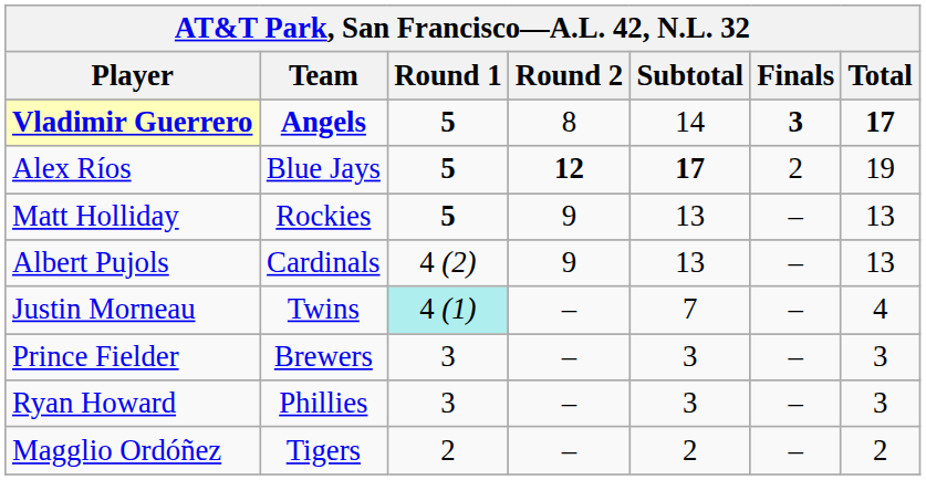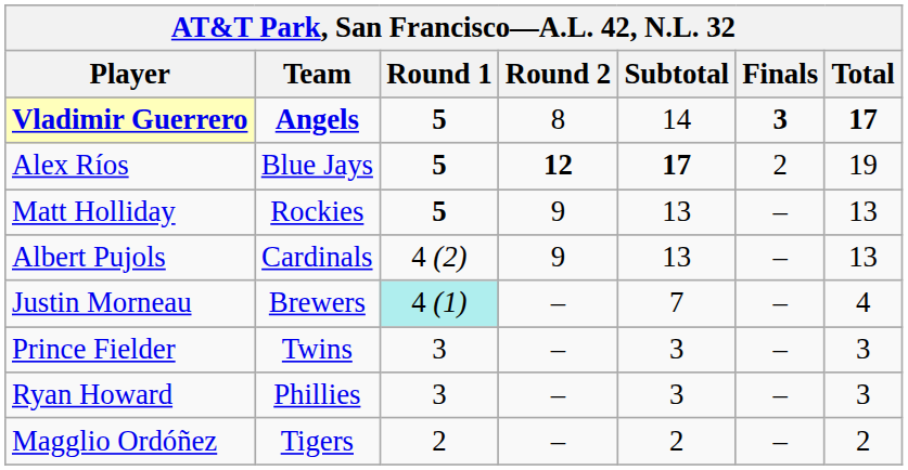 <table class="wikitable" style="text-align:center;">
 <tr>
 <th colspan="7"><a href='#'>AT&T Park</a>, San Francisco—A.L. 42, N.L. 32</th>
 </tr>
 <tr>
 <th>Player</th>
 <th>Team</th>
 <th>Round 1</th>
 <th>Round 2</th>
 <th>Subtotal</th>
 <th>Finals</th>
 <th>Total</th>
 </tr>
 <tr>
 <td align="left" style="background:#ffb"><strong><a href='#'>Vladimir Guerrero</a></strong></td>
 <td><strong><a href='#'>Angels</a></strong></td>
 <td><strong>5</strong></td>
 <td>8</td>
 <td>14</td>
 <td><strong>3</strong></td>
 <td><strong>17</strong></td>
 </tr>
 <tr>
 <td align="left"><a href='#'>Alex Ríos</a></td>
 <td><a href='#'>Blue Jays</a></td>
 <td><strong>5</strong></td>
 <td><strong>12</strong></td>
 <td><strong>17</strong></td>
 <td>2</td>
 <td>19</td>
 </tr>
 <tr>
 <td align="left"><a href='#'>Matt Holliday</a></td>
 <td><a href='#'>Rockies</a></td>
 <td><strong>5</strong></td>
 <td>9</td>
 <td>13</td>
 <td>–</td>
 <td>13</td>
 </tr>
 <tr>
 <td align="left"><a href='#'>Albert Pujols</a></td>
 <td><a href='#'>Cardinals</a></td>
 <td>4 <em>(2)</em></td>
 <td>9</td>
 <td>13</td>
 <td>–</td>
 <td>13</td>
 </tr>
 <tr>
 <td align="left"><a href='#'>Justin Morneau</a></td>
-<td><a href='#'>Twins</a></td>
+<td><a href='#'>Brewers</a></td>
 <td style="background: paleturquoise;">4 <em>(1)</em></td>
 <td>–</td>
 <td>7</td>
 <td>–</td>
 <td>4</td>
 </tr>
 <tr>
 <td align="left"><a href='#'>Prince Fielder</a></td>
-<td><a href='#'>Brewers</a></td>
+<td><a href='#'>Twins</a></td>
 <td>3</td>
 <td>–</td>
 <td>3</td>
 <td>–</td>
 <td>3</td>
 </tr>
 <tr>
 <td align="left"><a href='#'>Ryan Howard</a></td>
 <td><a href='#'>Phillies</a></td>
 <td>3</td>
 <td>–</td>
 <td>3</td>
 <td>–</td>
 <td>3</td>
 </tr>
 <tr>
 <td align="left"><a href='#'>Magglio Ordóñez</a></td>
 <td><a href='#'>Tigers</a></td>
 <td>2</td>
 <td>–</td>
 <td>2</td>
 <td>–</td>
 <td>2</td>
 </tr>
 </table>
